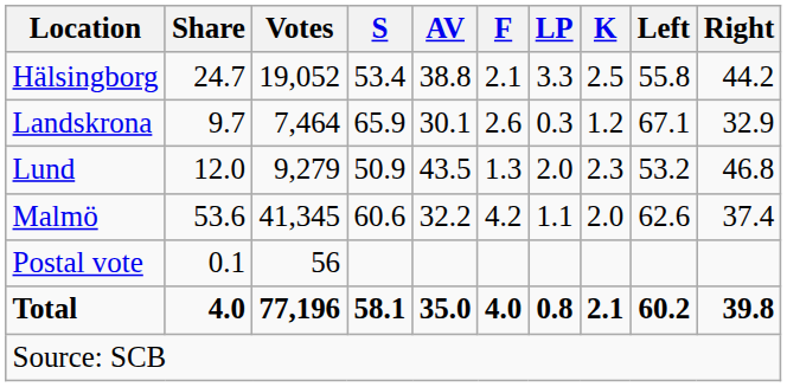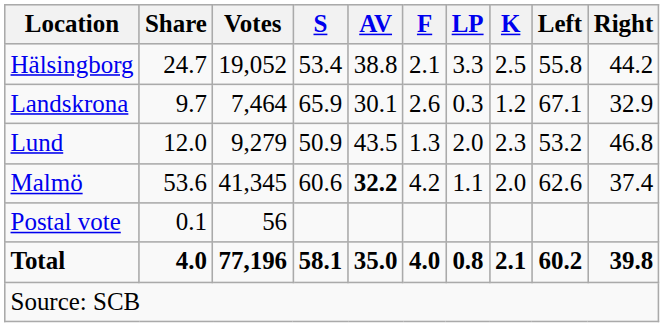 <table class="wikitable sortable" style=text-align:right>
 <tr>
 <th>Location</th>
 <th>Share</th>
 <th>Votes</th>
 <th><a href='#'>S</a></th>
 <th><a href='#'>AV</a></th>
 <th><a href='#'>F</a></th>
 <th><a href='#'>LP</a></th>
 <th><a href='#'>K</a></th>
 <th>Left</th>
 <th>Right</th>
 </tr>
 <tr>
 <td align=left><a href='#'>Hälsingborg</a></td>
 <td>24.7</td>
 <td>19,052</td>
 <td>53.4</td>
 <td>38.8</td>
 <td>2.1</td>
 <td>3.3</td>
 <td>2.5</td>
 <td>55.8</td>
 <td>44.2</td>
 </tr>
 <tr>
 <td align=left><a href='#'>Landskrona</a></td>
 <td>9.7</td>
 <td>7,464</td>
 <td>65.9</td>
 <td>30.1</td>
 <td>2.6</td>
 <td>0.3</td>
 <td>1.2</td>
 <td>67.1</td>
 <td>32.9</td>
 </tr>
 <tr>
 <td align=left><a href='#'>Lund</a></td>
 <td>12.0</td>
 <td>9,279</td>
 <td>50.9</td>
 <td>43.5</td>
 <td>1.3</td>
 <td>2.0</td>
 <td>2.3</td>
 <td>53.2</td>
 <td>46.8</td>
 </tr>
 <tr>
 <td align=left><a href='#'>Malmö</a></td>
 <td>53.6</td>
 <td>41,345</td>
 <td>60.6</td>
-<td>32.2</td>
+<td><strong>32.2</strong></td>
 <td>4.2</td>
 <td>1.1</td>
 <td>2.0</td>
 <td>62.6</td>
 <td>37.4</td>
 </tr>
 <tr>
 <td align=left><a href='#'>Postal vote</a></td>
 <td>0.1</td>
 <td>56</td>
 <td></td>
 <td></td>
 <td></td>
 <td></td>
 <td></td>
 <td></td>
 <td></td>
 </tr>
 <tr>
 <td align=left><strong>Total</strong></td>
 <td><strong>4.0</strong></td>
 <td><strong>77,196</strong></td>
 <td><strong>58.1</strong></td>
 <td><strong>35.0</strong></td>
 <td><strong>4.0</strong></td>
 <td><strong>0.8</strong></td>
 <td><strong>2.1</strong></td>
 <td><strong>60.2</strong></td>
 <td><strong>39.8</strong></td>
 </tr>
 <tr>
 <td align=left colspan=10>Source: SCB </td>
 </tr>
 </table>
